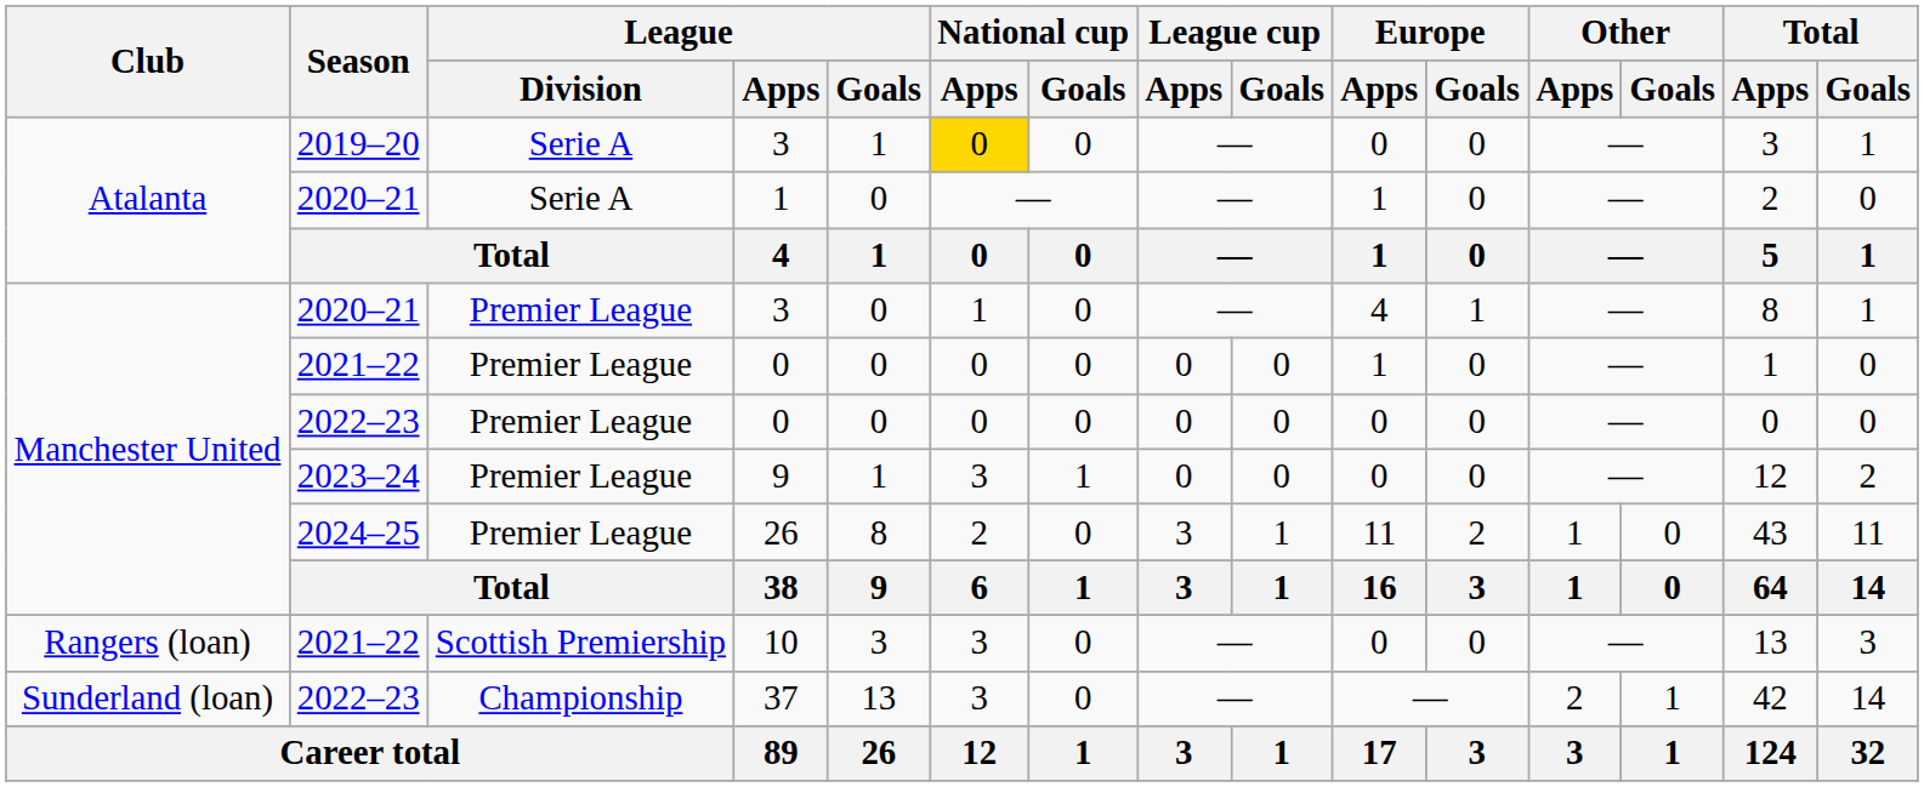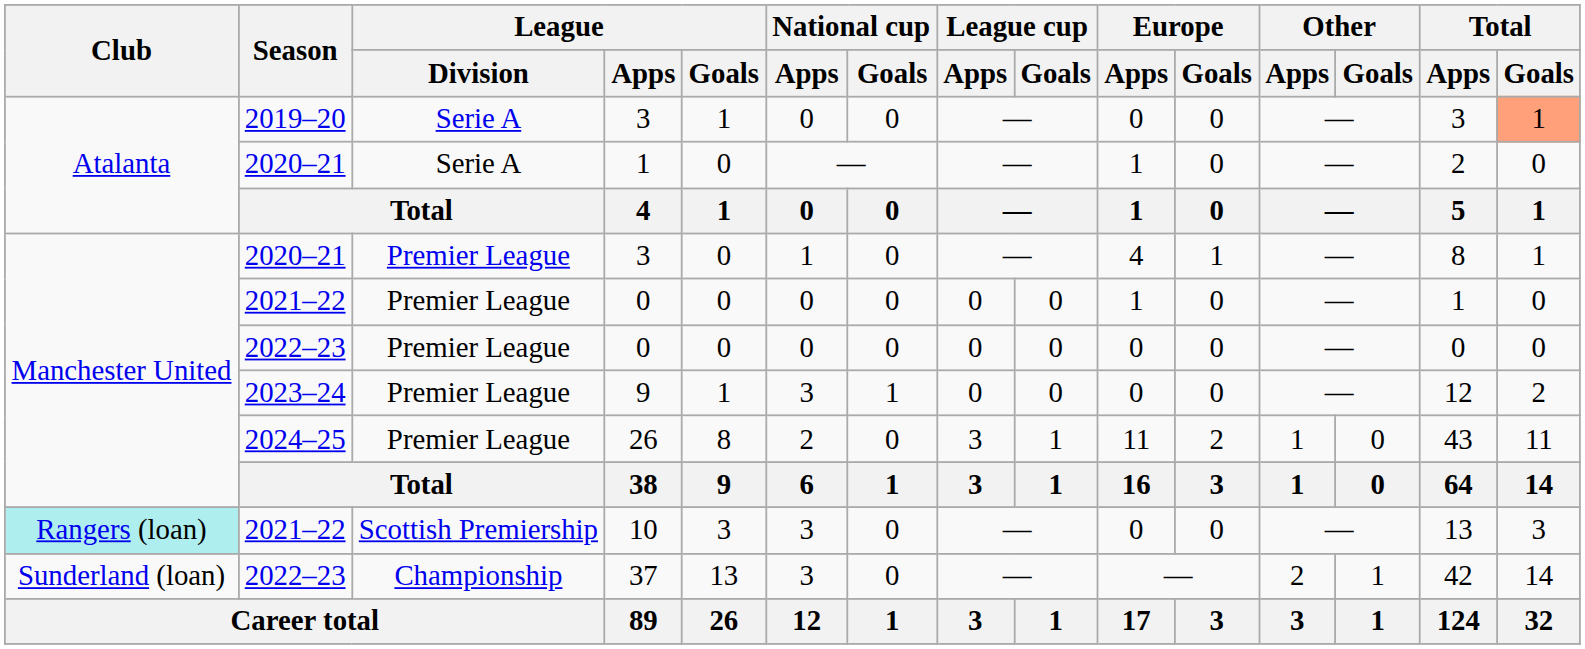 <table class="wikitable" style="text-align: center;">
 <tr>
 <th rowspan="2">Club</th>
 <th rowspan="2">Season</th>
 <th colspan="3">League</th>
 <th colspan="2">National cup</th>
 <th colspan="2">League cup</th>
 <th colspan="2">Europe</th>
 <th colspan="2">Other</th>
 <th colspan="2">Total</th>
 </tr>
 <tr>
 <th>Division</th>
 <th>Apps</th>
 <th>Goals</th>
 <th>Apps</th>
 <th>Goals</th>
 <th>Apps</th>
 <th>Goals</th>
 <th>Apps</th>
 <th>Goals</th>
 <th>Apps</th>
 <th>Goals</th>
 <th>Apps</th>
 <th>Goals</th>
 </tr>
 <tr>
 <td rowspan="3"><a href='#'>Atalanta</a></td>
 <td><a href='#'>2019–20</a></td>
 <td><a href='#'>Serie A</a></td>
 <td>3</td>
 <td>1</td>
-<td style="background: gold;">0</td>
+<td>0</td>
 <td>0</td>
 <td colspan="2">—</td>
 <td>0</td>
 <td>0</td>
 <td colspan="2">—</td>
 <td>3</td>
-<td>1</td>
+<td style="background: lightsalmon;">1</td>
 </tr>
 <tr>
 <td><a href='#'>2020–21</a></td>
 <td>Serie A</td>
 <td>1</td>
 <td>0</td>
 <td colspan="2">—</td>
 <td colspan="2">—</td>
 <td>1</td>
 <td>0</td>
 <td colspan="2">—</td>
 <td>2</td>
 <td>0</td>
 </tr>
 <tr>
 <th colspan="2">Total</th>
 <th>4</th>
 <th>1</th>
 <th>0</th>
 <th>0</th>
 <th colspan="2">—</th>
 <th>1</th>
 <th>0</th>
 <th colspan="2">—</th>
 <th>5</th>
 <th>1</th>
 </tr>
 <tr>
 <td rowspan="6"><a href='#'>Manchester United</a></td>
 <td><a href='#'>2020–21</a></td>
 <td><a href='#'>Premier League</a></td>
 <td>3</td>
 <td>0</td>
 <td>1</td>
 <td>0</td>
 <td colspan="2">—</td>
 <td>4</td>
 <td>1</td>
 <td colspan="2">—</td>
 <td>8</td>
 <td>1</td>
 </tr>
 <tr>
 <td><a href='#'>2021–22</a></td>
 <td>Premier League</td>
 <td>0</td>
 <td>0</td>
 <td>0</td>
 <td>0</td>
 <td>0</td>
 <td>0</td>
 <td>1</td>
 <td>0</td>
 <td colspan="2">—</td>
 <td>1</td>
 <td>0</td>
 </tr>
 <tr>
 <td><a href='#'>2022–23</a></td>
 <td>Premier League</td>
 <td>0</td>
 <td>0</td>
 <td>0</td>
 <td>0</td>
 <td>0</td>
 <td>0</td>
 <td>0</td>
 <td>0</td>
 <td colspan="2">—</td>
 <td>0</td>
 <td>0</td>
 </tr>
 <tr>
 <td><a href='#'>2023–24</a></td>
 <td>Premier League</td>
 <td>9</td>
 <td>1</td>
 <td>3</td>
 <td>1</td>
 <td>0</td>
 <td>0</td>
 <td>0</td>
 <td>0</td>
 <td colspan="2">—</td>
 <td>12</td>
 <td>2</td>
 </tr>
 <tr>
 <td><a href='#'>2024–25</a></td>
 <td>Premier League</td>
 <td>26</td>
 <td>8</td>
 <td>2</td>
 <td>0</td>
 <td>3</td>
 <td>1</td>
 <td>11</td>
 <td>2</td>
 <td>1</td>
 <td>0</td>
 <td>43</td>
 <td>11</td>
 </tr>
 <tr>
 <th colspan="2">Total</th>
 <th>38</th>
 <th>9</th>
 <th>6</th>
 <th>1</th>
 <th>3</th>
 <th>1</th>
 <th>16</th>
 <th>3</th>
 <th>1</th>
 <th>0</th>
 <th>64</th>
 <th>14</th>
 </tr>
 <tr>
-<td><a href='#'>Rangers</a> (loan)</td>
+<td style="background: paleturquoise;"><a href='#'>Rangers</a> (loan)</td>
 <td><a href='#'>2021–22</a></td>
 <td><a href='#'>Scottish Premiership</a></td>
 <td>10</td>
 <td>3</td>
 <td>3</td>
 <td>0</td>
 <td colspan="2">—</td>
 <td>0</td>
 <td>0</td>
 <td colspan="2">—</td>
 <td>13</td>
 <td>3</td>
 </tr>
 <tr>
 <td><a href='#'>Sunderland</a> (loan)</td>
 <td><a href='#'>2022–23</a></td>
 <td><a href='#'>Championship</a></td>
 <td>37</td>
 <td>13</td>
 <td>3</td>
 <td>0</td>
 <td colspan="2">—</td>
 <td colspan="2">—</td>
 <td>2</td>
 <td>1</td>
 <td>42</td>
 <td>14</td>
 </tr>
 <tr>
 <th colspan="3">Career total</th>
 <th>89</th>
 <th>26</th>
 <th>12</th>
 <th>1</th>
 <th>3</th>
 <th>1</th>
 <th>17</th>
 <th>3</th>
 <th>3</th>
 <th>1</th>
 <th>124</th>
 <th>32</th>
 </tr>
 </table>
